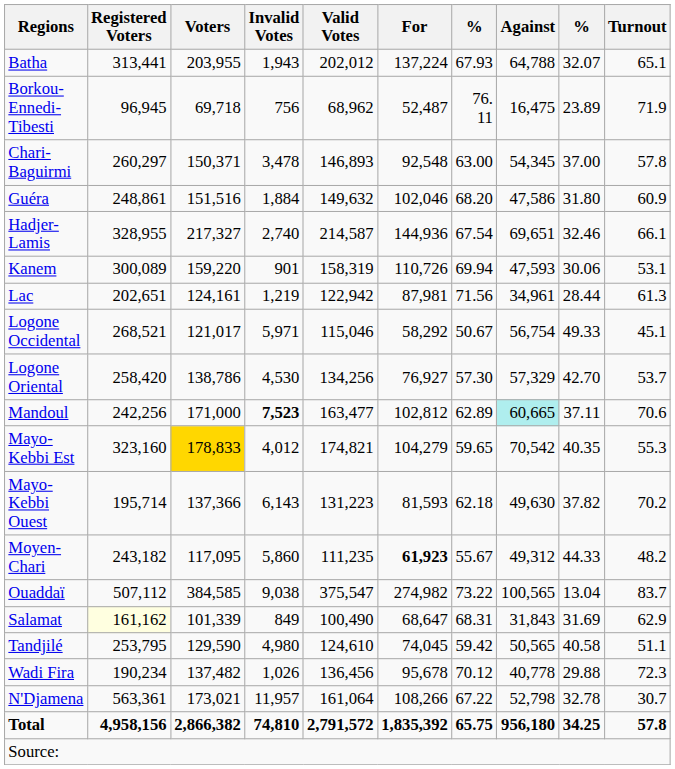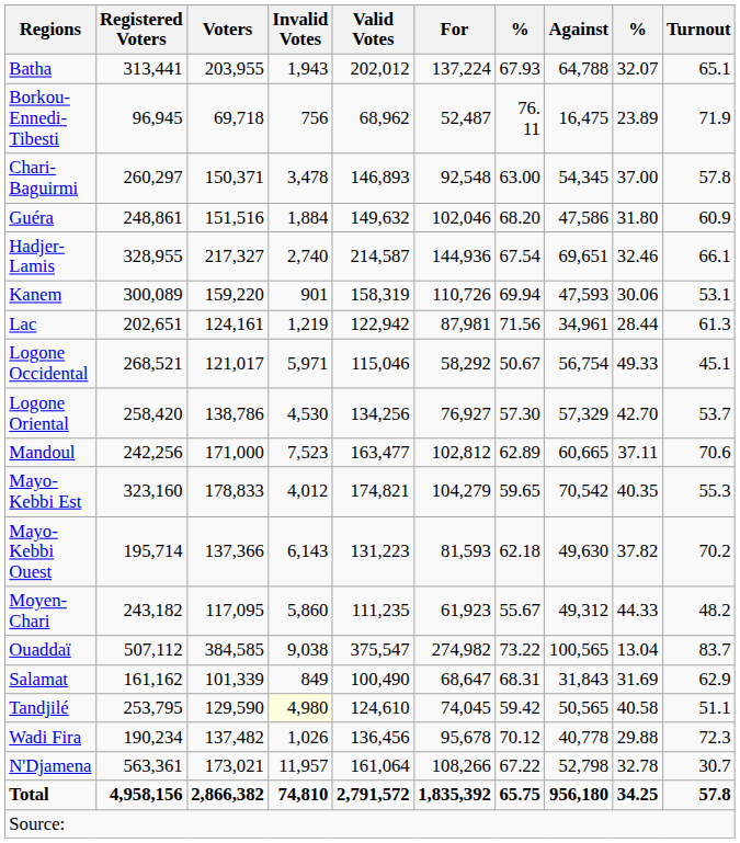 <table class="wikitable sortable" style="text-align:right">
 <tr>
 <th>Regions</th>
 <th>Registered Voters</th>
 <th>Voters</th>
 <th>Invalid Votes</th>
 <th>Valid Votes</th>
 <th>For</th>
 <th>%</th>
 <th>Against</th>
 <th>%</th>
 <th>Turnout</th>
 </tr>
 <tr>
 <td align=left><a href='#'>Batha</a></td>
 <td>313,441</td>
 <td>203,955</td>
 <td>1,943</td>
 <td>202,012</td>
 <td>137,224</td>
 <td>67.93</td>
 <td>64,788</td>
 <td>32.07</td>
 <td>65.1</td>
 </tr>
 <tr>
 <td align=left><a href='#'>Borkou-Ennedi-Tibesti</a></td>
 <td>96,945</td>
 <td>69,718</td>
 <td>756</td>
 <td>68,962</td>
 <td>52,487</td>
 <td>76. 11</td>
 <td>16,475</td>
 <td>23.89</td>
 <td>71.9</td>
 </tr>
 <tr>
 <td align=left><a href='#'>Chari-Baguirmi</a></td>
 <td>260,297</td>
 <td>150,371</td>
 <td>3,478</td>
 <td>146,893</td>
 <td>92,548</td>
 <td>63.00</td>
 <td>54,345</td>
 <td>37.00</td>
 <td>57.8</td>
 </tr>
 <tr>
 <td align=left><a href='#'>Guéra</a></td>
 <td>248,861</td>
 <td>151,516</td>
 <td>1,884</td>
 <td>149,632</td>
 <td>102,046</td>
 <td>68.20</td>
 <td>47,586</td>
 <td>31.80</td>
 <td>60.9</td>
 </tr>
 <tr>
 <td align=left><a href='#'>Hadjer-Lamis</a></td>
 <td>328,955</td>
 <td>217,327</td>
 <td>2,740</td>
 <td>214,587</td>
 <td>144,936</td>
 <td>67.54</td>
 <td>69,651</td>
 <td>32.46</td>
 <td>66.1</td>
 </tr>
 <tr>
 <td align=left><a href='#'>Kanem</a></td>
 <td>300,089</td>
 <td>159,220</td>
 <td>901</td>
 <td>158,319</td>
 <td>110,726</td>
 <td>69.94</td>
 <td>47,593</td>
 <td>30.06</td>
 <td>53.1</td>
 </tr>
 <tr>
 <td align=left><a href='#'>Lac</a></td>
 <td>202,651</td>
 <td>124,161</td>
 <td>1,219</td>
 <td>122,942</td>
 <td>87,981</td>
 <td>71.56</td>
 <td>34,961</td>
 <td>28.44</td>
 <td>61.3</td>
 </tr>
 <tr>
 <td align=left><a href='#'>Logone Occidental</a></td>
 <td>268,521</td>
 <td>121,017</td>
 <td>5,971</td>
 <td>115,046</td>
 <td>58,292</td>
 <td>50.67</td>
 <td>56,754</td>
 <td>49.33</td>
 <td>45.1</td>
 </tr>
 <tr>
 <td align=left><a href='#'>Logone Oriental</a></td>
 <td>258,420</td>
 <td>138,786</td>
 <td>4,530</td>
 <td>134,256</td>
 <td>76,927</td>
 <td>57.30</td>
 <td>57,329</td>
 <td>42.70</td>
 <td>53.7</td>
 </tr>
 <tr>
 <td align=left><a href='#'>Mandoul</a></td>
 <td>242,256</td>
 <td>171,000</td>
-<td><strong>7,523</strong></td>
+<td>7,523</td>
 <td>163,477</td>
 <td>102,812</td>
 <td>62.89</td>
-<td style="background: paleturquoise;">60,665</td>
+<td>60,665</td>
 <td>37.11</td>
 <td>70.6</td>
 </tr>
 <tr>
 <td align=left><a href='#'>Mayo-Kebbi Est</a></td>
 <td>323,160</td>
-<td style="background: gold;">178,833</td>
+<td>178,833</td>
 <td>4,012</td>
 <td>174,821</td>
 <td>104,279</td>
 <td>59.65</td>
 <td>70,542</td>
 <td>40.35</td>
 <td>55.3</td>
 </tr>
 <tr>
 <td align=left><a href='#'>Mayo-Kebbi Ouest</a></td>
 <td>195,714</td>
 <td>137,366</td>
 <td>6,143</td>
 <td>131,223</td>
 <td>81,593</td>
 <td>62.18</td>
 <td>49,630</td>
 <td>37.82</td>
 <td>70.2</td>
 </tr>
 <tr>
 <td align=left><a href='#'>Moyen-Chari</a></td>
 <td>243,182</td>
 <td>117,095</td>
 <td>5,860</td>
 <td>111,235</td>
-<td><strong>61,923</strong></td>
+<td>61,923</td>
 <td>55.67</td>
 <td>49,312</td>
 <td>44.33</td>
 <td>48.2</td>
 </tr>
 <tr>
 <td align=left><a href='#'>Ouaddaï</a></td>
 <td>507,112</td>
 <td>384,585</td>
 <td>9,038</td>
 <td>375,547</td>
 <td>274,982</td>
 <td>73.22</td>
 <td>100,565</td>
 <td>13.04</td>
 <td>83.7</td>
 </tr>
 <tr>
 <td align=left><a href='#'>Salamat</a></td>
-<td style="background: lightyellow;">161,162</td>
+<td>161,162</td>
 <td>101,339</td>
 <td>849</td>
 <td>100,490</td>
 <td>68,647</td>
 <td>68.31</td>
 <td>31,843</td>
 <td>31.69</td>
 <td>62.9</td>
 </tr>
 <tr>
 <td align=left><a href='#'>Tandjilé</a></td>
 <td>253,795</td>
 <td>129,590</td>
-<td>4,980</td>
+<td style="background: lightyellow;">4,980</td>
 <td>124,610</td>
 <td>74,045</td>
 <td>59.42</td>
 <td>50,565</td>
 <td>40.58</td>
 <td>51.1</td>
 </tr>
 <tr>
 <td align=left><a href='#'>Wadi Fira</a></td>
 <td>190,234</td>
 <td>137,482</td>
 <td>1,026</td>
 <td>136,456</td>
 <td>95,678</td>
 <td>70.12</td>
 <td>40,778</td>
 <td>29.88</td>
 <td>72.3</td>
 </tr>
 <tr>
 <td align=left><a href='#'>N'Djamena</a></td>
 <td>563,361</td>
 <td>173,021</td>
 <td>11,957</td>
 <td>161,064</td>
 <td>108,266</td>
 <td>67.22</td>
 <td>52,798</td>
 <td>32.78</td>
 <td>30.7</td>
 </tr>
 <tr>
 <td align=left><strong>Total</strong></td>
 <td><strong>4,958,156</strong></td>
 <td><strong>2,866,382</strong></td>
 <td><strong>74,810</strong></td>
 <td><strong>2,791,572</strong></td>
 <td><strong>1,835,392</strong></td>
 <td><strong>65.75</strong></td>
 <td><strong>956,180</strong></td>
 <td><strong>34.25</strong></td>
 <td><strong>57.8</strong></td>
 </tr>
 <tr>
 <td align=left colspan=10>Source: </td>
 </tr>
 </table>
